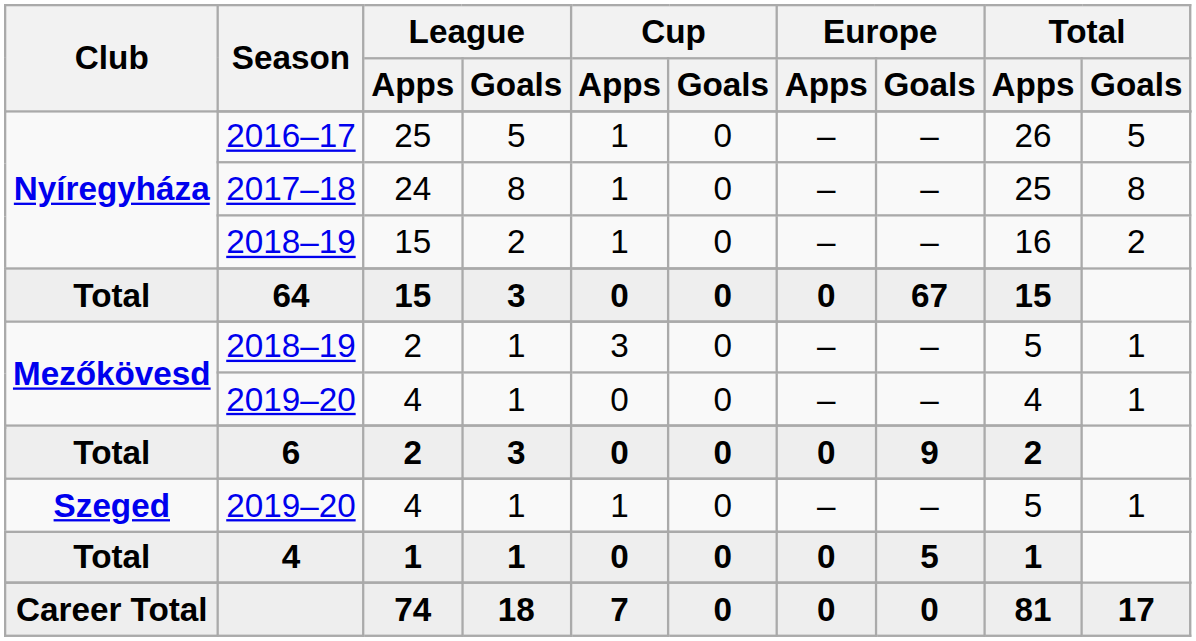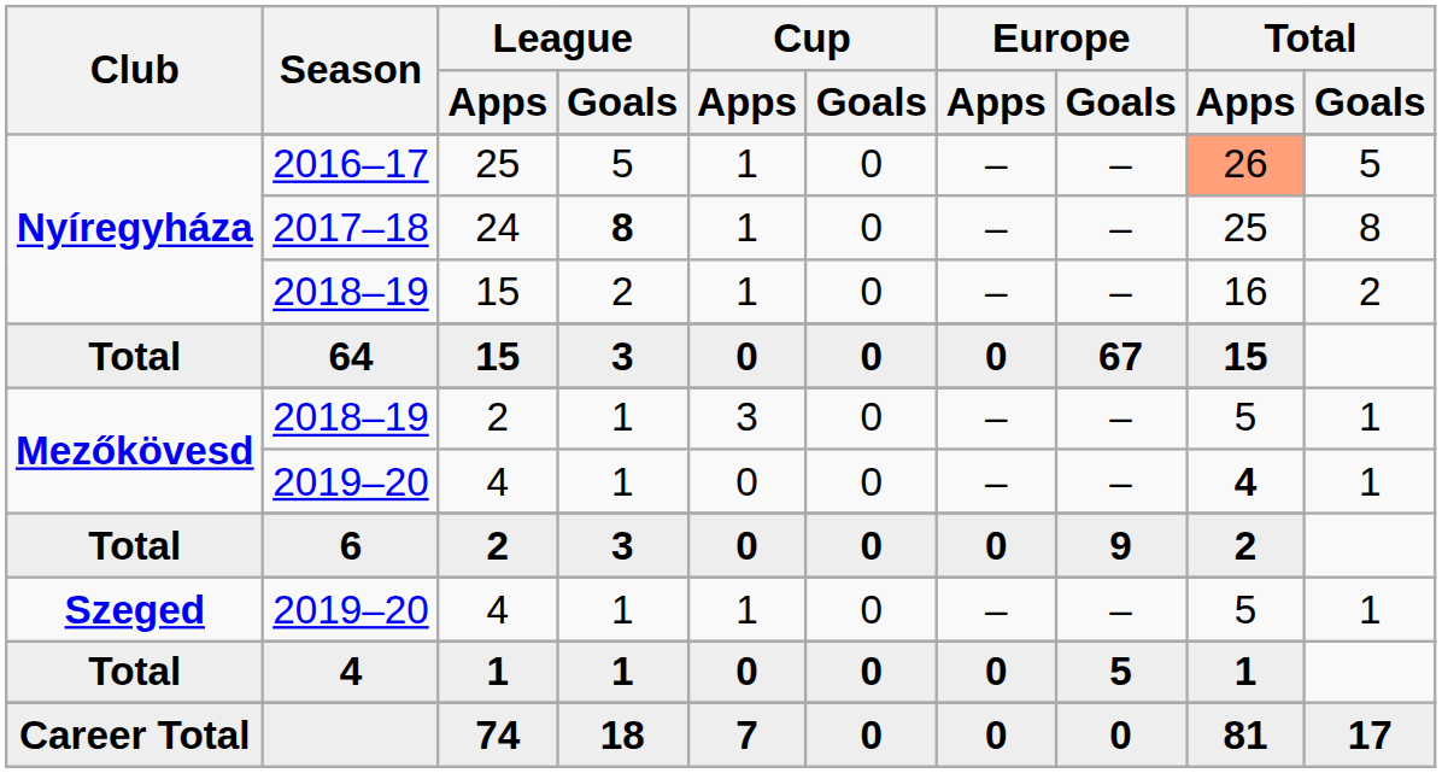 <table class="wikitable" style="font-size:90%; text-align: center;">
 <tr>
 <th rowspan="2">Club</th>
 <th rowspan="2">Season</th>
 <th colspan="2">League</th>
 <th colspan="2">Cup</th>
 <th colspan="2">Europe</th>
 <th colspan="2">Total</th>
 </tr>
 <tr>
 <th>Apps</th>
 <th>Goals</th>
 <th>Apps</th>
 <th>Goals</th>
 <th>Apps</th>
 <th>Goals</th>
 <th>Apps</th>
 <th>Goals</th>
 </tr>
 <tr ||-||-||-|->
 <td rowspan="5" valign="center"><strong><a href='#'>Nyíregyháza</a></strong></td>
 </tr>
 <tr>
 <td><a href='#'>2016–17</a></td>
 <td>25</td>
 <td>5</td>
 <td>1</td>
 <td>0</td>
 <td>–</td>
 <td>–</td>
-<td>26</td>
+<td style="background: lightsalmon;">26</td>
 <td>5</td>
 </tr>
 <tr>
 <td><a href='#'>2017–18</a></td>
 <td>24</td>
-<td>8</td>
+<td><strong>8</strong></td>
 <td>1</td>
 <td>0</td>
 <td>–</td>
 <td>–</td>
 <td>25</td>
 <td>8</td>
 </tr>
 <tr>
 <td><a href='#'>2018–19</a></td>
 <td>15</td>
 <td>2</td>
 <td>1</td>
 <td>0</td>
 <td>–</td>
 <td>–</td>
 <td>16</td>
 <td>2</td>
 </tr>
 <tr>
 </tr>
 <tr style="font-weight:bold; background-color:#eeeeee;">
 <td>Total</td>
 <td>64</td>
 <td>15</td>
 <td>3</td>
 <td>0</td>
 <td>0</td>
 <td>0</td>
 <td>67</td>
 <td>15</td>
 </tr>
 <tr>
 <td rowspan="4" valign="center"><strong><a href='#'>Mezőkövesd</a></strong></td>
 </tr>
 <tr>
 <td><a href='#'>2018–19</a></td>
 <td>2</td>
 <td>1</td>
 <td>3</td>
 <td>0</td>
 <td>–</td>
 <td>–</td>
 <td>5</td>
 <td>1</td>
 </tr>
 <tr>
 <td><a href='#'>2019–20</a></td>
 <td>4</td>
 <td>1</td>
 <td>0</td>
 <td>0</td>
 <td>–</td>
 <td>–</td>
-<td>4</td>
+<td><strong>4</strong></td>
 <td>1</td>
 </tr>
 <tr>
 </tr>
 <tr style="font-weight:bold; background-color:#eeeeee;">
 <td>Total</td>
 <td>6</td>
 <td>2</td>
 <td>3</td>
 <td>0</td>
 <td>0</td>
 <td>0</td>
 <td>9</td>
 <td>2</td>
 </tr>
 <tr>
 <td rowspan="3" valign="center"><strong><a href='#'>Szeged</a></strong></td>
 </tr>
 <tr>
 <td><a href='#'>2019–20</a></td>
 <td>4</td>
 <td>1</td>
 <td>1</td>
 <td>0</td>
 <td>–</td>
 <td>–</td>
 <td>5</td>
 <td>1</td>
 </tr>
 <tr>
 </tr>
 <tr style="font-weight:bold; background-color:#eeeeee;">
 <td>Total</td>
 <td>4</td>
 <td>1</td>
 <td>1</td>
 <td>0</td>
 <td>0</td>
 <td>0</td>
 <td>5</td>
 <td>1</td>
 </tr>
 <tr>
 </tr>
 <tr style="font-weight:bold; background-color:#eeeeee;">
 <td rowspan="2" valign="top"><strong>Career Total</strong></td>
 <td></td>
 <td><strong>74</strong></td>
 <td><strong>18</strong></td>
 <td><strong>7</strong></td>
 <td><strong>0</strong></td>
 <td><strong>0</strong></td>
 <td><strong>0</strong></td>
 <td><strong>81</strong></td>
 <td><strong>17</strong></td>
 </tr>
 </table>
